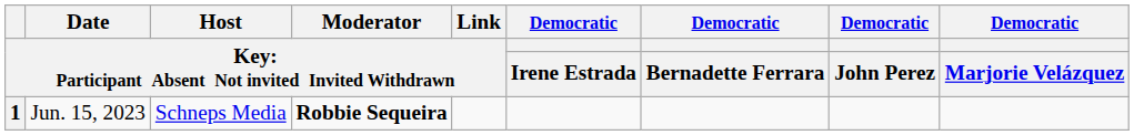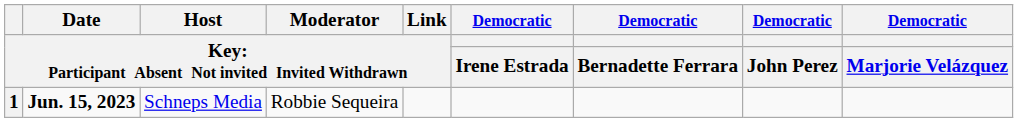 <table class="wikitable" style="text-align:center;">
 <tr>
 <th scope="col"></th>
 <th scope="col">Date</th>
 <th scope="col">Host</th>
 <th scope="col">Moderator</th>
 <th scope="col">Link</th>
 <th scope="col"><small><a href='#'>Democratic</a></small></th>
 <th scope="col"><small><a href='#'>Democratic</a></small></th>
 <th scope="col"><small><a href='#'>Democratic</a></small></th>
 <th scope="col"><small><a href='#'>Democratic</a></small></th>
 </tr>
 <tr>
 <th colspan="5" rowspan="2">Key:<br> <small>Participant </small>  <small>Absent </small>  <small>Not invited </small>  <small>Invited  Withdrawn</small></th>
 <th scope="col" style="background:"></th>
 <th scope="col" style="background:"></th>
 <th scope="col" style="background:"></th>
 <th scope="col" style="background:"></th>
 </tr>
 <tr>
 <th scope="col">Irene Estrada</th>
 <th scope="col">Bernadette Ferrara</th>
 <th scope="col">John Perez</th>
 <th scope="col"><a href='#'>Marjorie Velázquez</a></th>
 </tr>
 <tr>
 <th>1</th>
-<td style="white-space:nowrap;">Jun. 15, 2023</td>
+<td style="white-space:nowrap;"><strong>Jun. 15, 2023</strong></td>
 <td style="white-space:nowrap;"><a href='#'>Schneps Media</a></td>
-<td style="white-space:nowrap;"><strong>Robbie Sequeira</strong></td>
+<td style="white-space:nowrap;">Robbie Sequeira</td>
 <td style="white-space:nowrap;"></td>
 <td></td>
 <td></td>
 <td></td>
 <td></td>
 </tr>
 </table>
